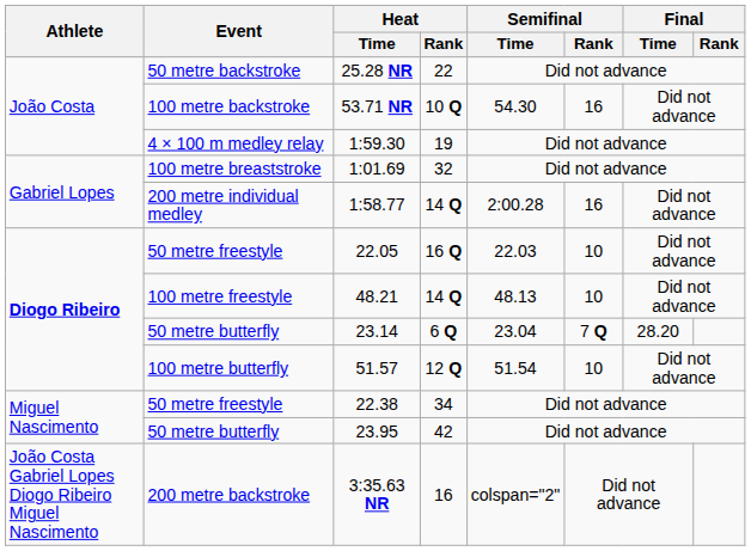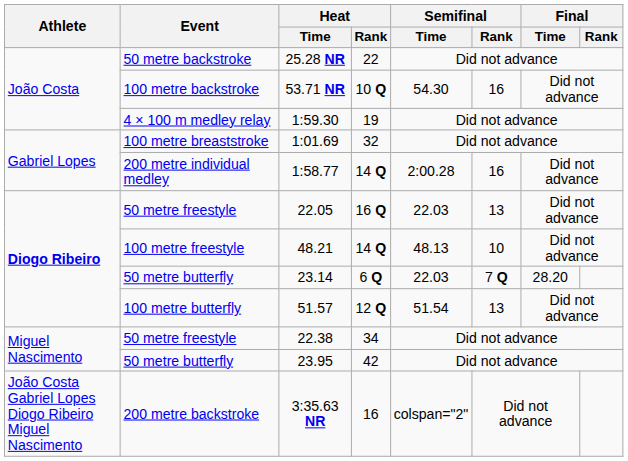 <table class="wikitable" style="text-align:center; font-size:90%; width:50%;">
 <tr>
 <th rowspan="2">Athlete</th>
 <th rowspan="2">Event</th>
 <th colspan="2">Heat</th>
 <th colspan="2">Semifinal</th>
 <th colspan="2">Final</th>
 </tr>
 <tr style="font-size:95%">
 <th>Time</th>
 <th>Rank</th>
 <th>Time</th>
 <th>Rank</th>
 <th>Time</th>
 <th>Rank</th>
 </tr>
 <tr>
 <td align=left rowspan=3><a href='#'>João Costa</a></td>
 <td align=left><a href='#'>50 metre backstroke</a></td>
 <td>25.28 <strong><a href='#'>NR</a></strong></td>
 <td>22</td>
 <td colspan=4>Did not advance</td>
 </tr>
 <tr>
 <td align=left><a href='#'>100 metre backstroke</a></td>
 <td>53.71 <strong><a href='#'>NR</a></strong></td>
 <td>10 <strong>Q</strong></td>
 <td>54.30</td>
 <td>16</td>
 <td colspan=2>Did not advance</td>
 </tr>
 <tr>
 <td align=left><a href='#'>4 × 100 m medley relay</a></td>
 <td>1:59.30</td>
 <td>19</td>
 <td colspan=4>Did not advance</td>
 </tr>
 <tr>
 <td align=left rowspan=2><a href='#'>Gabriel Lopes</a></td>
 <td align=left><a href='#'>100 metre breaststroke</a></td>
 <td>1:01.69</td>
 <td>32</td>
 <td colspan=4>Did not advance</td>
 </tr>
 <tr>
 <td align=left><a href='#'>200 metre individual medley</a></td>
 <td>1:58.77</td>
 <td>14 <strong>Q</strong></td>
 <td>2:00.28</td>
 <td>16</td>
 <td colspan=2>Did not advance</td>
 </tr>
 <tr>
 <td align=left rowspan=4><strong><a href='#'>Diogo Ribeiro</a></strong></td>
 <td align=left><a href='#'>50 metre freestyle</a></td>
 <td>22.05</td>
 <td>16 <strong>Q</strong></td>
 <td>22.03</td>
-<td>10</td>
+<td>13</td>
 <td colspan=2>Did not advance</td>
 </tr>
 <tr>
 <td align=left><a href='#'>100 metre freestyle</a></td>
 <td>48.21</td>
 <td>14 <strong>Q</strong></td>
 <td>48.13</td>
 <td>10</td>
 <td colspan=2>Did not advance</td>
 </tr>
 <tr>
 <td align=left><a href='#'>50 metre butterfly</a></td>
 <td>23.14</td>
 <td>6 <strong>Q</strong></td>
-<td>23.04</td>
+<td>22.03</td>
 <td>7 <strong>Q</strong></td>
 <td>28.20</td>
 <td></td>
 </tr>
 <tr>
 <td align=left><a href='#'>100 metre butterfly</a></td>
 <td>51.57</td>
 <td>12 <strong>Q</strong></td>
 <td>51.54</td>
-<td>10</td>
+<td>13</td>
 <td colspan=2>Did not advance</td>
 </tr>
 <tr>
 <td align=left rowspan=2><a href='#'>Miguel Nascimento</a></td>
 <td align=left><a href='#'>50 metre freestyle</a></td>
 <td>22.38</td>
 <td>34</td>
 <td colspan=4>Did not advance</td>
 </tr>
 <tr>
 <td align=left><a href='#'>50 metre butterfly</a></td>
 <td>23.95</td>
 <td>42</td>
 <td colspan=4>Did not advance</td>
 </tr>
 <tr>
 <td align=left><a href='#'>João Costa</a> <br><a href='#'>Gabriel Lopes</a> <br><a href='#'>Diogo Ribeiro</a><br><a href='#'>Miguel Nascimento</a></td>
 <td align=left><a href='#'>200 metre backstroke</a></td>
 <td>3:35.63 <strong><a href='#'>NR</a></strong></td>
 <td>16</td>
 <td>colspan="2" </td>
 <td colspan=2>Did not advance</td>
 </tr>
 </table>
